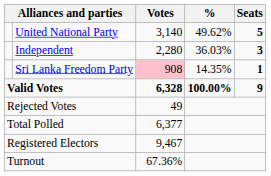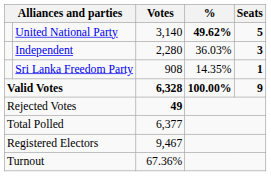 <table class="wikitable" border="1" style="text-align:right;">
 <tr>
 <th valign=bottom align=left colspan=2>Alliances and parties</th>
 <th valign=bottom align=center width="60">Votes</th>
 <th valign=bottom align=center width="50">%</th>
 <th valign=bottom align=center>Seats</th>
 </tr>
 <tr>
 <td bgcolor=> </td>
 <td align=left><a href='#'>United National Party</a></td>
 <td>3,140</td>
-<td>49.62%</td>
+<td><strong>49.62%</strong></td>
 <td><strong>5</strong></td>
 </tr>
 <tr>
 <td></td>
 <td align=left><a href='#'>Independent</a></td>
 <td>2,280</td>
 <td>36.03%</td>
 <td><strong>3</strong></td>
 </tr>
 <tr>
 <td bgcolor=> </td>
 <td align=left><a href='#'>Sri Lanka Freedom Party</a></td>
-<td style="background: pink;">908</td>
+<td>908</td>
 <td>14.35%</td>
 <td><strong>1</strong></td>
 </tr>
 <tr>
 <td colspan=2 align=left><strong>Valid Votes</strong></td>
 <td><strong>6,328</strong></td>
 <td><strong>100.00%</strong></td>
 <td><strong>9</strong></td>
 </tr>
 <tr>
 <td colspan=2 align=left>Rejected Votes</td>
-<td>49</td>
+<td><strong>49</strong></td>
 <td colspan=2></td>
 </tr>
 <tr>
 <td colspan=2 align=left>Total Polled</td>
 <td>6,377</td>
 <td colspan=2></td>
 </tr>
 <tr>
 <td colspan=2 align=left>Registered Electors</td>
 <td>9,467</td>
 <td colspan=2></td>
 </tr>
 <tr>
 <td colspan=2 align=left>Turnout</td>
 <td>67.36%</td>
 <td colspan=2></td>
 </tr>
 </table>
